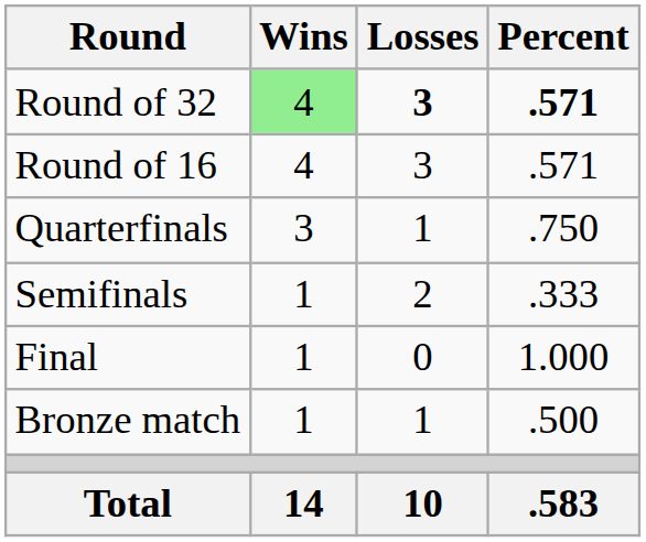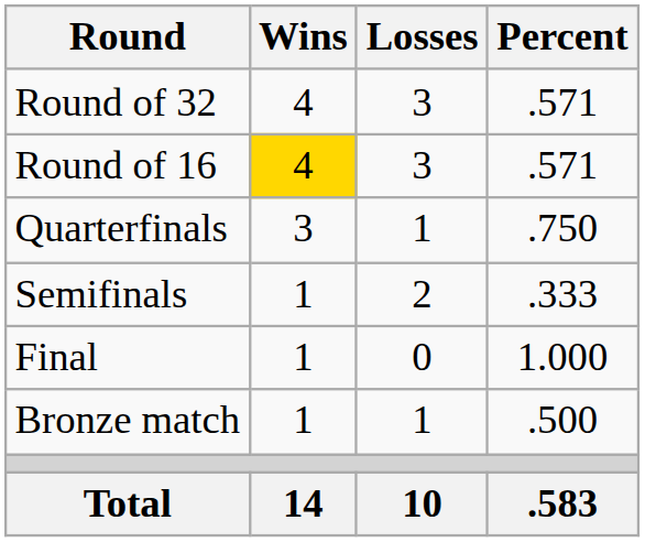 <table class=wikitable>
 <tr>
 <th>Round</th>
 <th>Wins</th>
 <th>Losses</th>
 <th>Percent</th>
 </tr>
 <tr align=center>
 <td align=left>Round of 32</td>
-<td style="background: lightgreen;">4</td>
-<td><strong>3</strong></td>
-<td><strong>.571</strong></td>
+<td>4</td>
+<td>3</td>
+<td>.571</td>
 </tr>
 <tr align=center>
 <td align=left>Round of 16</td>
-<td>4</td>
+<td style="background: gold;">4</td>
 <td>3</td>
 <td>.571</td>
 </tr>
 <tr align=center>
 <td align=left>Quarterfinals</td>
 <td>3</td>
 <td>1</td>
 <td>.750</td>
 </tr>
 <tr align=center>
 <td align=left>Semifinals</td>
 <td>1</td>
 <td>2</td>
 <td>.333</td>
 </tr>
 <tr align=center>
 <td align=left>Final</td>
 <td>1</td>
 <td>0</td>
 <td>1.000</td>
 </tr>
 <tr align=center>
 <td align=left>Bronze match</td>
 <td>1</td>
 <td>1</td>
 <td>.500</td>
 </tr>
 <tr>
 <td colspan=4 bgcolor=lightgray></td>
 </tr>
 <tr>
 <th>Total</th>
 <th>14</th>
 <th>10</th>
 <th>.583</th>
 </tr>
 </table>
